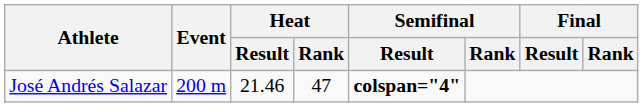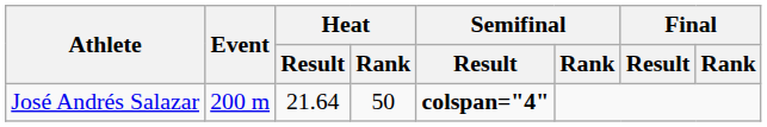 <table class="wikitable" style="font-size:90%">
 <tr>
 <th rowspan="2">Athlete</th>
 <th rowspan="2">Event</th>
 <th colspan="2">Heat</th>
 <th colspan="2">Semifinal</th>
 <th colspan="2">Final</th>
 </tr>
 <tr>
 <th>Result</th>
 <th>Rank</th>
 <th>Result</th>
 <th>Rank</th>
 <th>Result</th>
 <th>Rank</th>
 </tr>
 <tr style=text-align:center>
 <td style=text-align:left><a href='#'>José Andrés Salazar</a></td>
 <td style=text-align:left><a href='#'>200 m</a></td>
-<td>21.46</td>
-<td>47</td>
+<td>21.64</td>
+<td>50</td>
 <td><strong>colspan="4" </strong></td>
 </tr>
 </table>
